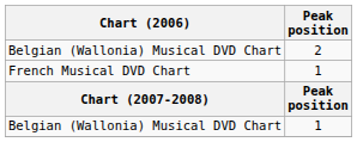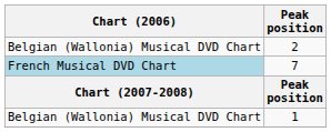 <table class="wikitable sortable">
 <tr>
 <th align="left">Chart (2006)</th>
 <th align="center">Peak<br>position</th>
 </tr>
 <tr>
 <td>Belgian (Wallonia) Musical DVD Chart</td>
 <td align="center">2</td>
 </tr>
 <tr>
-<td align="left">French Musical DVD Chart</td>
-<td align="center">1</td>
+<td align="left" style="background: lightblue;">French Musical DVD Chart</td>
+<td align="center">7</td>
 </tr>
 <tr>
 <th align="left">Chart (2007-2008)</th>
 <th align="center">Peak<br>position</th>
 </tr>
 <tr>
 <td>Belgian (Wallonia) Musical DVD Chart</td>
 <td align="center">1</td>
 </tr>
 <tr>
 </tr>
 </table>
